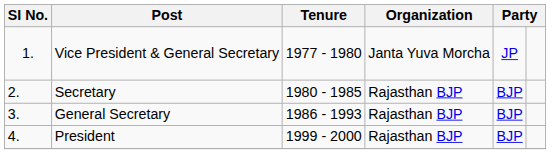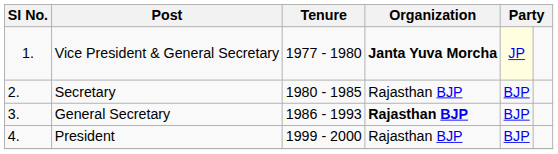 <table class = "wikitable">
 <tr>
 <th>SI No.</th>
 <th>Post</th>
 <th>Tenure</th>
 <th>Organization</th>
 <th colspan="2" scope="col">Party</th>
 </tr>
 <tr style="text-align:center; height:60px;">
 <td>1.</td>
 <td>Vice President & General Secretary</td>
 <td>1977 - 1980</td>
-<td>Janta Yuva Morcha</td>
-<td><a href='#'>JP</a></td>
+<td><strong>Janta Yuva Morcha</strong></td>
+<td style="background: lightyellow;"><a href='#'>JP</a></td>
 <td width="15px" style="background-color: "></td>
 </tr>
 <tr>
 <td>2.</td>
 <td>Secretary</td>
 <td>1980 - 1985</td>
 <td>Rajasthan <a href='#'>BJP</a></td>
 <td><a href='#'>BJP</a></td>
 <td width="15px" style="background-color: "></td>
 </tr>
 <tr>
 <td>3.</td>
 <td>General Secretary</td>
 <td>1986 - 1993</td>
-<td>Rajasthan <a href='#'>BJP</a></td>
+<td><strong>Rajasthan <a href='#'>BJP</a></strong></td>
 <td><a href='#'>BJP</a></td>
 <td width="15px" style="background-color: "></td>
 </tr>
 <tr>
 <td>4.</td>
 <td>President</td>
 <td>1999 - 2000</td>
 <td>Rajasthan <a href='#'>BJP</a></td>
 <td><a href='#'>BJP</a></td>
 <td width="15px" style="background-color: "></td>
 </tr>
 <tr>
 </tr>
 </table>
